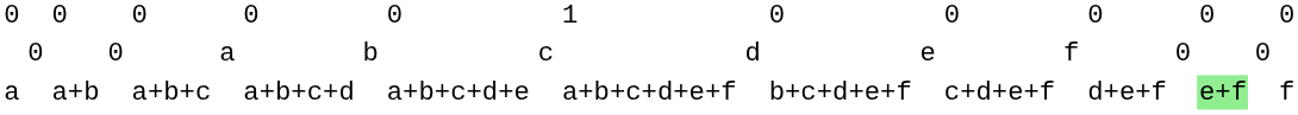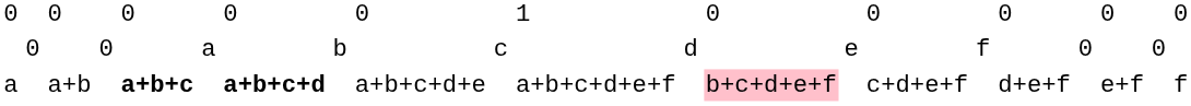 <table>
 <tr>
 <td>0</td>
 <td></td>
 <td>0</td>
 <td></td>
 <td>0</td>
 <td></td>
 <td>0</td>
 <td></td>
 <td>0</td>
 <td></td>
 <td>1</td>
 <td></td>
 <td>0</td>
 <td></td>
 <td>0</td>
 <td></td>
 <td>0</td>
 <td></td>
 <td>0</td>
 <td></td>
 <td>0</td>
 </tr>
 <tr>
 <td></td>
 <td>0</td>
 <td></td>
 <td>0</td>
 <td></td>
 <td>a</td>
 <td></td>
 <td>b</td>
 <td></td>
 <td>c</td>
 <td></td>
 <td>d</td>
 <td></td>
 <td>e</td>
 <td></td>
 <td>f</td>
 <td></td>
 <td>0</td>
 <td></td>
 <td>0</td>
 <td></td>
 </tr>
 <tr>
 <td>a</td>
 <td></td>
 <td>a+b</td>
 <td></td>
-<td>a+b+c</td>
+<td><strong>a+b+c</strong></td>
 <td></td>
-<td>a+b+c+d</td>
+<td><strong>a+b+c+d</strong></td>
 <td></td>
 <td>a+b+c+d+e</td>
 <td></td>
 <td>a+b+c+d+e+f</td>
 <td></td>
-<td>b+c+d+e+f</td>
+<td style="background: pink;">b+c+d+e+f</td>
 <td></td>
 <td>c+d+e+f</td>
 <td></td>
 <td>d+e+f</td>
 <td></td>
-<td style="background: lightgreen;">e+f</td>
+<td>e+f</td>
 <td></td>
 <td>f</td>
 </tr>
 </table>
